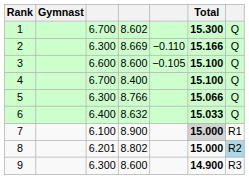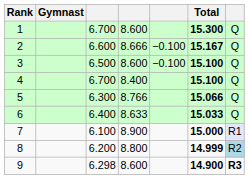 <table class="wikitable sortable" style="text-align:center">
 <tr>
 <th>Rank</th>
 <th>Gymnast</th>
 <th><small></small></th>
 <th><small></small></th>
 <th><small></small></th>
 <th><strong>Total</strong></th>
 <th><small></small></th>
 </tr>
 <tr bgcolor=ccffcc>
 <td>1</td>
 <td align=left></td>
 <td>6.700</td>
-<td>8.602</td>
+<td>8.600</td>
 <td></td>
 <td><strong>15.300</strong></td>
 <td>Q</td>
 </tr>
 <tr bgcolor=ccffcc>
 <td>2</td>
 <td align=left></td>
-<td>6.300</td>
-<td>8.669</td>
-<td>−0.110</td>
-<td><strong>15.166</strong></td>
+<td>6.600</td>
+<td>8.666</td>
+<td>−0.100</td>
+<td><strong>15.167</strong></td>
 <td>Q</td>
 </tr>
 <tr bgcolor=ccffcc>
 <td>3</td>
 <td align=left></td>
-<td>6.600</td>
+<td>6.500</td>
 <td>8.600</td>
-<td>−0.105</td>
+<td>−0.100</td>
 <td><strong>15.100</strong></td>
 <td>Q</td>
 </tr>
 <tr bgcolor=ccffcc>
 <td>4</td>
 <td align=left></td>
 <td>6.700</td>
 <td>8.400</td>
 <td></td>
 <td><strong>15.100</strong></td>
 <td>Q</td>
 </tr>
 <tr bgcolor=ccffcc>
 <td>5</td>
 <td align=left></td>
 <td>6.300</td>
 <td>8.766</td>
 <td></td>
 <td><strong>15.066</strong></td>
 <td>Q</td>
 </tr>
 <tr bgcolor=ccffcc>
 <td>6</td>
 <td align=left></td>
 <td>6.400</td>
-<td>8.632</td>
+<td>8.633</td>
 <td></td>
 <td><strong>15.033</strong></td>
 <td>Q</td>
 </tr>
 <tr>
 <td>7</td>
 <td align=left></td>
 <td>6.100</td>
 <td>8.900</td>
 <td></td>
-<td style="background: lightgrey;"><strong>15.000</strong></td>
-<td>R1</td>
+<td><strong>15.000</strong></td>
+<td style="background: lavender;">R1</td>
 </tr>
 <tr>
 <td>8</td>
 <td align=left></td>
-<td>6.201</td>
-<td>8.802</td>
+<td>6.200</td>
+<td>8.800</td>
 <td></td>
-<td><strong>15.000</strong></td>
+<td><strong>14.999</strong></td>
 <td style="background: lightblue;">R2</td>
 </tr>
 <tr>
 <td>9</td>
 <td align=left></td>
-<td>6.300</td>
+<td>6.298</td>
 <td>8.600</td>
 <td></td>
 <td><strong>14.900</strong></td>
-<td>R3</td>
+<td><strong>R3</strong></td>
 </tr>
 </table>
